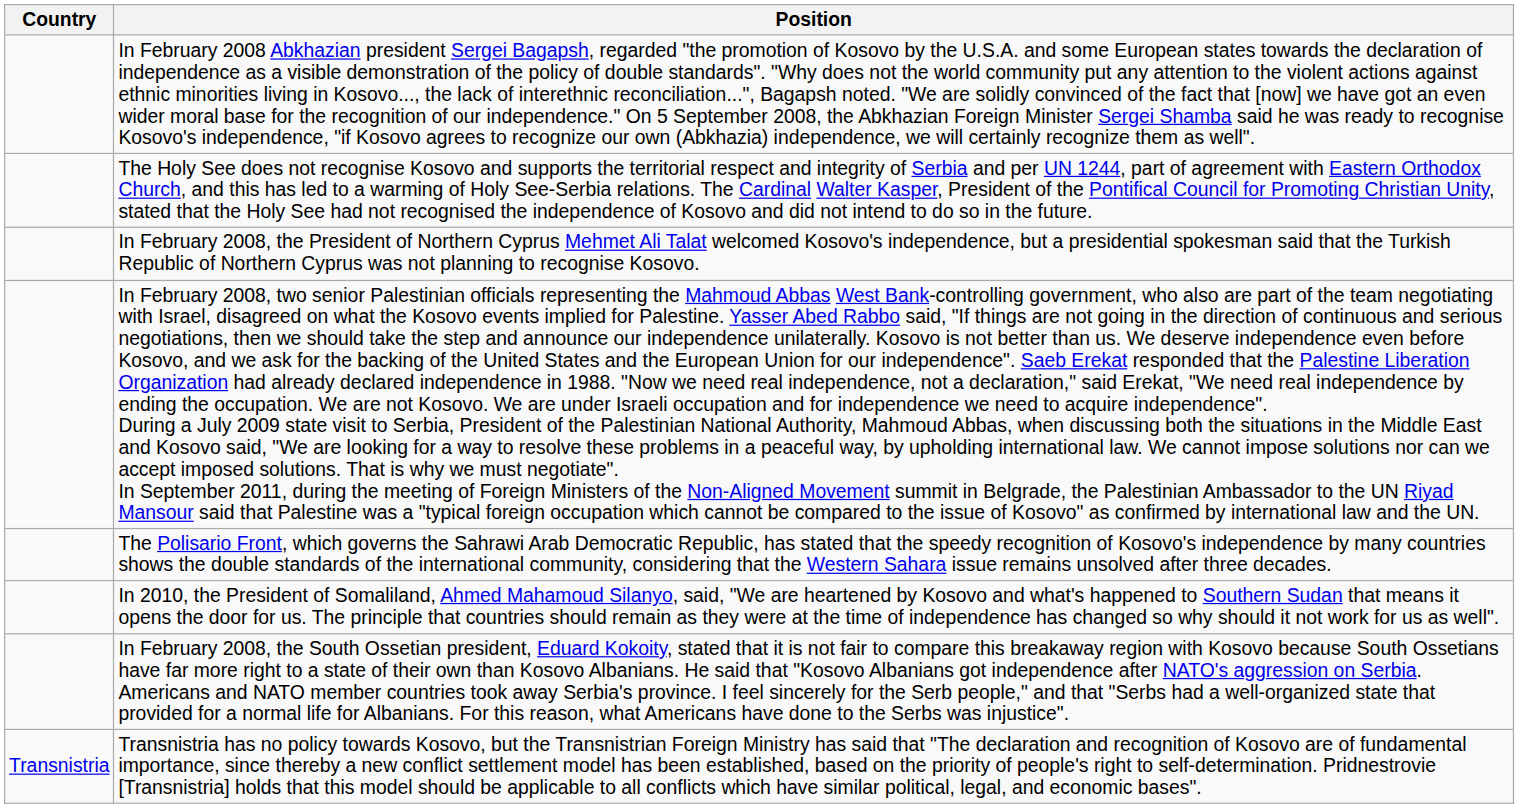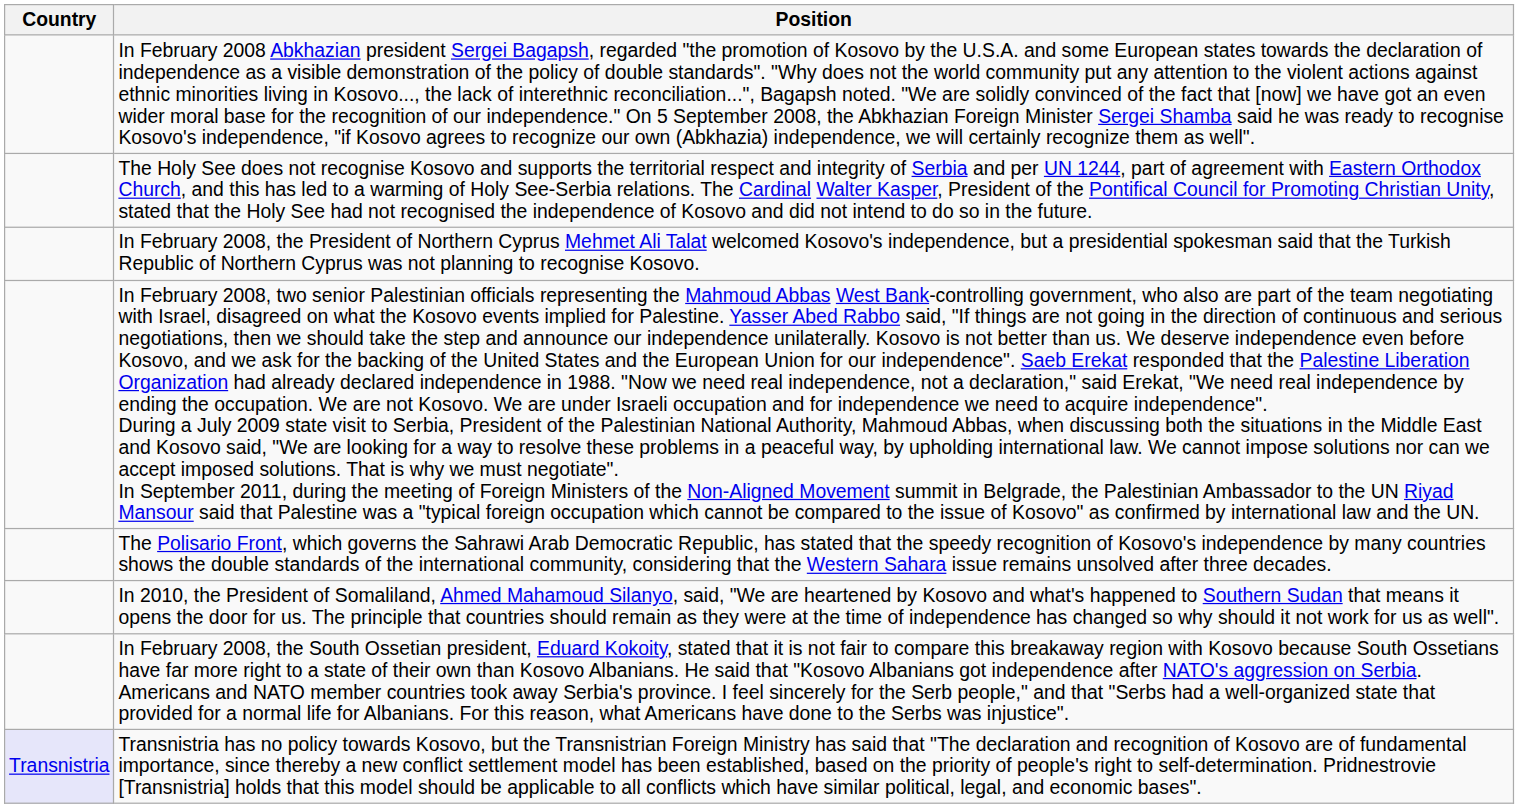 <table class="wikitable">
 <tr>
 <th>Country</th>
 <th>Position</th>
 </tr>
 <tr>
 <td></td>
 <td>In February 2008 <a href='#'>Abkhazian</a> president <a href='#'>Sergei Bagapsh</a>, regarded "the promotion of Kosovo by the U.S.A. and some European states towards the declaration of independence as a visible demonstration of the policy of double standards". "Why does not the world community put any attention to the violent actions against ethnic minorities living in Kosovo..., the lack of interethnic reconciliation...", Bagapsh noted. "We are solidly convinced of the fact that [now] we have got an even wider moral base for the recognition of our independence." On 5 September 2008, the Abkhazian Foreign Minister <a href='#'>Sergei Shamba</a> said he was ready to recognise Kosovo's independence, "if Kosovo agrees to recognize our own (Abkhazia) independence, we will certainly recognize them as well".</td>
 </tr>
 <tr>
 <td></td>
 <td> The Holy See does not recognise Kosovo and supports the territorial respect and integrity of <a href='#'>Serbia</a> and per <a href='#'>UN 1244</a>, part of agreement with <a href='#'>Eastern Orthodox Church</a>, and this has led to a warming of Holy See-Serbia relations. The <a href='#'>Cardinal</a> <a href='#'>Walter Kasper</a>, President of the <a href='#'>Pontifical Council for Promoting Christian Unity</a>, stated that the Holy See had not recognised the independence of Kosovo and did not intend to do so in the future.</td>
 </tr>
 <tr>
 <td></td>
 <td>In February 2008, the President of Northern Cyprus <a href='#'>Mehmet Ali Talat</a> welcomed Kosovo's independence, but a presidential spokesman said that the Turkish Republic of Northern Cyprus was not planning to recognise Kosovo.</td>
 </tr>
 <tr>
 <td></td>
 <td>In February 2008, two senior Palestinian officials representing the <a href='#'>Mahmoud Abbas</a> <a href='#'>West Bank</a>-controlling government, who also are part of the team negotiating with Israel, disagreed on what the Kosovo events implied for Palestine. <a href='#'>Yasser Abed Rabbo</a> said, "If things are not going in the direction of continuous and serious negotiations, then we should take the step and announce our independence unilaterally. Kosovo is not better than us. We deserve independence even before Kosovo, and we ask for the backing of the United States and the European Union for our independence". <a href='#'>Saeb Erekat</a> responded that the <a href='#'>Palestine Liberation Organization</a> had already declared independence in 1988. "Now we need real independence, not a declaration," said Erekat, "We need real independence by ending the occupation. We are not Kosovo. We are under Israeli occupation and for independence we need to acquire independence".<br>During a July 2009 state visit to Serbia, President of the Palestinian National Authority, Mahmoud Abbas, when discussing both the situations in the Middle East and Kosovo said, "We are looking for a way to resolve these problems in a peaceful way, by upholding international law. We cannot impose solutions nor can we accept imposed solutions. That is why we must negotiate".<br>In September 2011, during the meeting of Foreign Ministers of the <a href='#'>Non-Aligned Movement</a> summit in Belgrade, the Palestinian Ambassador to the UN <a href='#'>Riyad Mansour</a> said that Palestine was a "typical foreign occupation which cannot be compared to the issue of Kosovo" as confirmed by international law and the UN.</td>
 </tr>
 <tr>
 <td></td>
 <td>The <a href='#'>Polisario Front</a>, which governs the Sahrawi Arab Democratic Republic, has stated that the speedy recognition of Kosovo's independence by many countries shows the double standards of the international community, considering that the <a href='#'>Western Sahara</a> issue remains unsolved after three decades.</td>
 </tr>
 <tr>
 <td></td>
 <td>In 2010, the President of Somaliland, <a href='#'>Ahmed Mahamoud Silanyo</a>, said, "We are heartened by Kosovo and what's happened to <a href='#'>Southern Sudan</a> that means it opens the door for us. The principle that countries should remain as they were at the time of independence has changed so why should it not work for us as well".</td>
 </tr>
 <tr>
 <td></td>
 <td>In February 2008, the South Ossetian president, <a href='#'>Eduard Kokoity</a>, stated that it is not fair to compare this breakaway region with Kosovo because South Ossetians have far more right to a state of their own than Kosovo Albanians. He said that "Kosovo Albanians got independence after <a href='#'>NATO's aggression on Serbia</a>. Americans and NATO member countries took away Serbia's province. I feel sincerely for the Serb people," and that "Serbs had a well-organized state that provided for a normal life for Albanians. For this reason, what Americans have done to the Serbs was injustice".</td>
 </tr>
 <tr>
-<td> <a href='#'>Transnistria</a></td>
+<td style="background: lavender;"> <a href='#'>Transnistria</a></td>
 <td>Transnistria has no policy towards Kosovo, but the Transnistrian Foreign Ministry has said that "The declaration and recognition of Kosovo are of fundamental importance, since thereby a new conflict settlement model has been established, based on the priority of people's right to self-determination. Pridnestrovie [Transnistria] holds that this model should be applicable to all conflicts which have similar political, legal, and economic bases".</td>
 </tr>
 </table>
